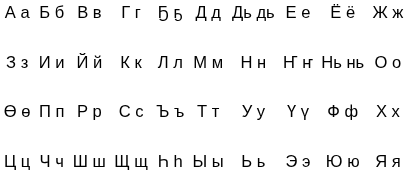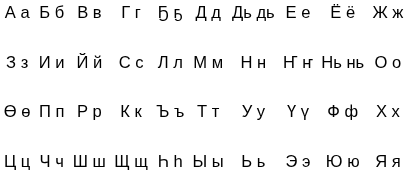 <table class=standard cellpadding=5 style="font-size: 1.5em; line-height: 2.5em; text-align: center;">
 <tr>
 <td style=«width:3em;»>А а</td>
 <td style=«width:3em;»>Б б</td>
 <td style=«width:3em;»>В в</td>
 <td style=«width:3em;»>Г г</td>
 <td style=«width:3em;»>Ҕ ҕ</td>
 <td style=«width:3em;»>Д д</td>
 <td style=«width:3em;»>Дь дь</td>
 <td style=«width:3em;»>Е е</td>
 <td style=«width:3em;»>Ё ё</td>
 <td style=«width:3em;»>Ж ж</td>
 </tr>
 <tr>
 <td style=«width:3em;»>З з</td>
 <td style=«width:3em;»>И и</td>
 <td style=«width:3em;»>Й й</td>
-<td style=«width:3em;»>К к</td>
+<td style=«width:3em;»>С с</td>
 <td style=«width:3em;»>Л л</td>
 <td style=«width:3em;»>М м</td>
 <td style=«width:3em;»>Н н</td>
 <td style=«width:3em;»>Ҥ ҥ</td>
 <td style=«width:3em;»>Нь нь</td>
 <td style=«width:3em;»>О о</td>
 </tr>
 <tr>
 <td style=«width:3em;»>Ө ө</td>
 <td style=«width:3em;»>П п</td>
 <td style=«width:3em;»>Р р</td>
-<td style=«width:3em;»>С с</td>
+<td style=«width:3em;»>К к</td>
 <td style=«width:3em;»>Ъ ъ</td>
 <td style=«width:3em;»>Т т</td>
 <td style=«width:3em;»>У у</td>
 <td style=«width:3em;»>Ү ү</td>
 <td style=«width:3em;»>Ф ф</td>
 <td style=«width:3em;»>Х х</td>
 </tr>
 <tr>
 <td style=«width:3em;»>Ц ц</td>
 <td style=«width:3em;»>Ч ч</td>
 <td style=«width:3em;»>Ш ш</td>
 <td style=«width:3em;»>Щ щ</td>
 <td style=«width:3em;»>Һ һ</td>
 <td style=«width:3em;»>Ы ы</td>
 <td style=«width:3em;»>Ь ь</td>
 <td style=«width:3em;»>Э э</td>
 <td style=«width:3em;»>Ю ю</td>
 <td style=«width:3em;»>Я я</td>
 </tr>
 </table>
